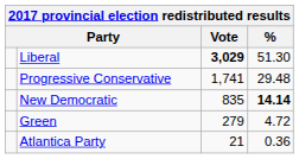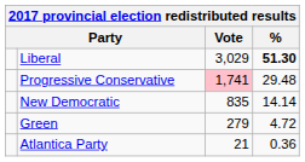 <table class="wikitable">
 <tr>
 <th colspan="4"><a href='#'>2017 provincial election</a> redistributed results</th>
 </tr>
 <tr>
 <th colspan="2">Party</th>
 <th>Vote</th>
 <th>%</th>
 </tr>
 <tr>
 <td> </td>
 <td><a href='#'>Liberal</a></td>
-<td align=right><strong>3,029</strong></td>
-<td align=right>51.30</td>
+<td align=right>3,029</td>
+<td align=right><strong>51.30</strong></td>
 </tr>
 <tr>
 <td> </td>
 <td><a href='#'>Progressive Conservative</a></td>
-<td align=right>1,741</td>
+<td align=right style="background: pink;">1,741</td>
 <td align=right>29.48</td>
 </tr>
 <tr>
 <td> </td>
 <td><a href='#'>New Democratic</a></td>
 <td align=right>835</td>
-<td align=right><strong>14.14</strong></td>
+<td align=right>14.14</td>
 </tr>
 <tr>
 <td> </td>
 <td><a href='#'>Green</a></td>
 <td align=right>279</td>
 <td align=right>4.72</td>
 </tr>
 <tr>
 <td> </td>
 <td><a href='#'>Atlantica Party</a></td>
 <td align=right>21</td>
 <td align=right>0.36</td>
 </tr>
 </table>
